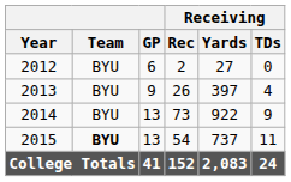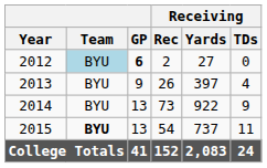 <table class="wikitable" style="text-align:center;">
 <tr>
 <th colspan=3></th>
 <th colspan=3>Receiving</th>
 </tr>
 <tr>
 <th>Year</th>
 <th>Team</th>
 <th>GP</th>
 <th>Rec</th>
 <th>Yards</th>
 <th>TDs</th>
 </tr>
 <tr>
 <td>2012</td>
-<td>BYU</td>
-<td>6</td>
+<td style="background: lightblue;">BYU</td>
+<td><strong>6</strong></td>
 <td>2</td>
 <td>27</td>
 <td>0</td>
 </tr>
 <tr>
 <td>2013</td>
 <td>BYU</td>
 <td>9</td>
 <td>26</td>
 <td>397</td>
 <td>4</td>
 </tr>
 <tr>
 <td>2014</td>
 <td>BYU</td>
 <td>13</td>
 <td>73</td>
 <td>922</td>
 <td>9</td>
 </tr>
 <tr>
 <td>2015</td>
 <td><strong>BYU</strong></td>
 <td>13</td>
 <td>54</td>
 <td>737</td>
 <td>11</td>
 </tr>
 <tr>
 </tr>
 <tr style="background:#555; font-weight:bold; color:white;">
 <td colspan=2>College Totals</td>
 <td>41</td>
 <td>152</td>
 <td>2,083</td>
 <td>24</td>
 </tr>
 </table>
